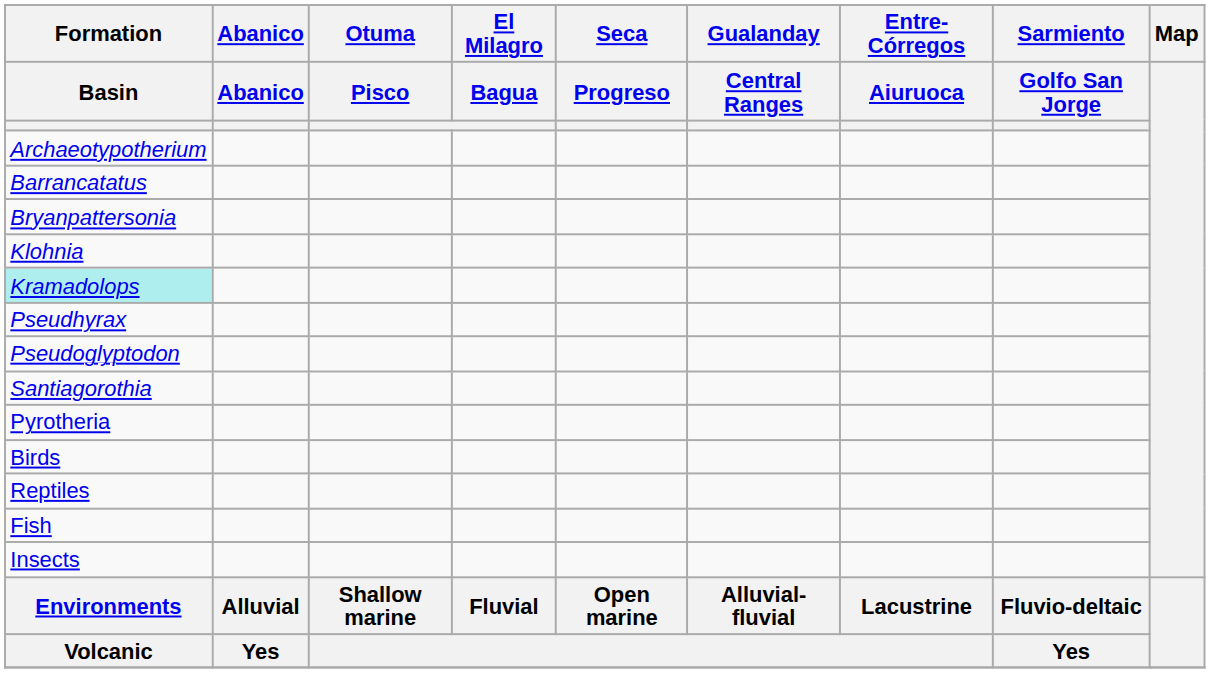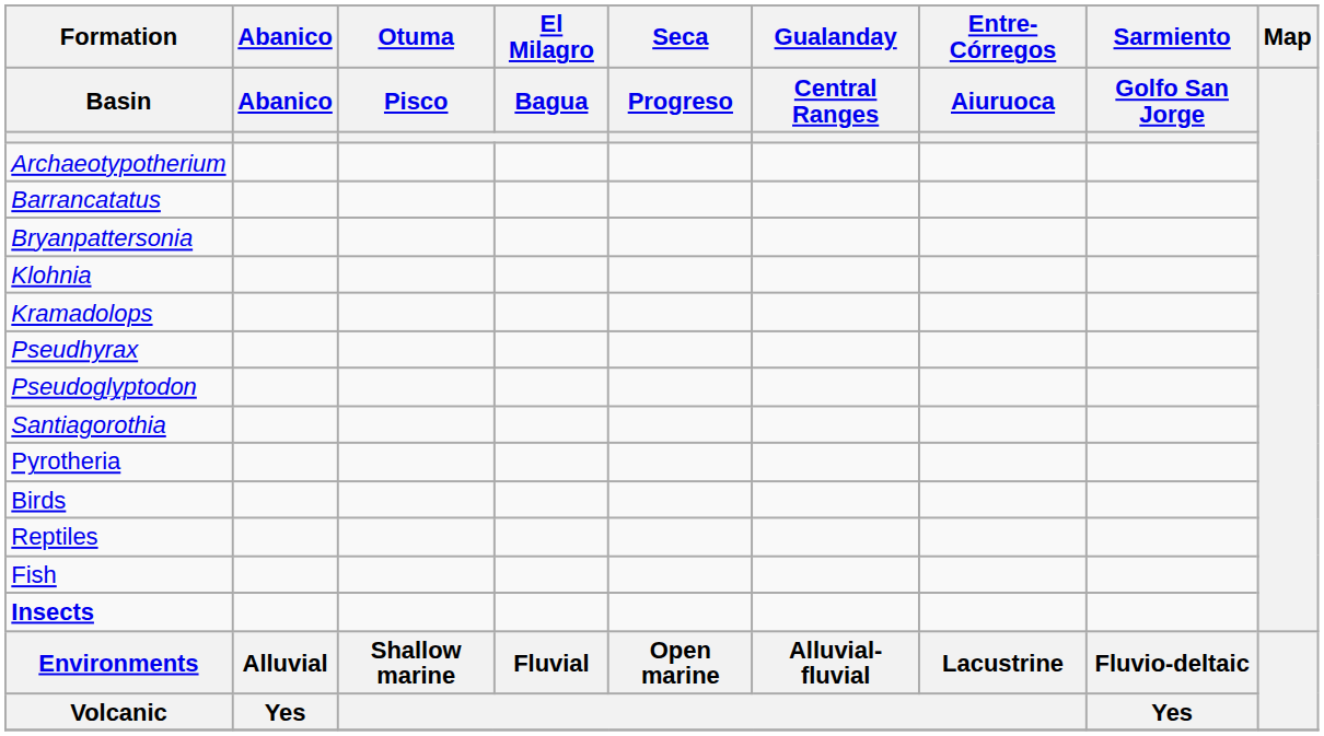 <table class="wikitable" style="font-size: 70%">
 <tr>
 <th>Formation</th>
 <th><a href='#'>Abanico</a></th>
 <th><a href='#'>Otuma</a></th>
 <th><a href='#'>El Milagro</a></th>
 <th><a href='#'>Seca</a></th>
 <th><a href='#'>Gualanday</a></th>
 <th><a href='#'>Entre-Córregos</a></th>
 <th><a href='#'>Sarmiento</a></th>
 <th>Map</th>
 </tr>
 <tr>
 <th>Basin</th>
 <th><a href='#'>Abanico</a></th>
 <th><a href='#'>Pisco</a></th>
 <th><a href='#'>Bagua</a></th>
 <th><a href='#'>Progreso</a></th>
 <th><a href='#'>Central Ranges</a></th>
 <th><a href='#'>Aiuruoca</a></th>
 <th><a href='#'>Golfo San Jorge</a></th>
 <th align=center rowspan=15></th>
 </tr>
 <tr>
 <th></th>
 <th></th>
 <th colspan=2></th>
 <th></th>
 <th></th>
 <th></th>
 <th></th>
 </tr>
 <tr>
 <td><em><a href='#'>Archaeotypotherium</a></em></td>
 <td align=center></td>
 <td align=center></td>
 <td align=center></td>
 <td align=center></td>
 <td align=center></td>
 <td align=center></td>
 <td align=center></td>
 </tr>
 <tr>
 <td><em><a href='#'>Barrancatatus</a></em></td>
 <td align=center></td>
 <td align=center></td>
 <td align=center></td>
 <td align=center></td>
 <td align=center></td>
 <td align=center></td>
 <td align=center></td>
 </tr>
 <tr>
 <td><em><a href='#'>Bryanpattersonia</a></em></td>
 <td align=center></td>
 <td align=center></td>
 <td align=center></td>
 <td align=center></td>
 <td align=center></td>
 <td align=center></td>
 <td align=center></td>
 </tr>
 <tr>
 <td><em><a href='#'>Klohnia</a></em></td>
 <td align=center></td>
 <td align=center></td>
 <td align=center></td>
 <td align=center></td>
 <td align=center></td>
 <td align=center></td>
 <td align=center></td>
 </tr>
 <tr>
-<td style="background: paleturquoise;"><em><a href='#'>Kramadolops</a></em></td>
+<td><em><a href='#'>Kramadolops</a></em></td>
 <td align=center></td>
 <td align=center></td>
 <td align=center></td>
 <td align=center></td>
 <td align=center></td>
 <td align=center></td>
 <td align=center></td>
 </tr>
 <tr>
 <td><em><a href='#'>Pseudhyrax</a></em></td>
 <td align=center></td>
 <td align=center></td>
 <td align=center></td>
 <td align=center></td>
 <td align=center></td>
 <td align=center></td>
 <td align=center></td>
 </tr>
 <tr>
 <td><em><a href='#'>Pseudoglyptodon</a></em></td>
 <td align=center></td>
 <td align=center></td>
 <td align=center></td>
 <td align=center></td>
 <td align=center></td>
 <td align=center></td>
 <td align=center></td>
 </tr>
 <tr>
 <td><em><a href='#'>Santiagorothia</a></em></td>
 <td align=center></td>
 <td align=center></td>
 <td align=center></td>
 <td align=center></td>
 <td align=center></td>
 <td align=center></td>
 <td align=center></td>
 </tr>
 <tr>
 <td><a href='#'>Pyrotheria</a></td>
 <td align=center></td>
 <td align=center></td>
 <td align=center></td>
 <td align=center></td>
 <td align=center></td>
 <td align=center></td>
 <td align=center></td>
 </tr>
 <tr>
 <td><a href='#'>Birds</a></td>
 <td align=center></td>
 <td align=center></td>
 <td align=center></td>
 <td align=center></td>
 <td align=center></td>
 <td align=center></td>
 <td align=center></td>
 </tr>
 <tr>
 <td><a href='#'>Reptiles</a></td>
 <td align=center></td>
 <td align=center></td>
 <td align=center></td>
 <td align=center></td>
 <td align=center></td>
 <td align=center></td>
 <td align=center></td>
 </tr>
 <tr>
 <td><a href='#'>Fish</a></td>
 <td align=center></td>
 <td align=center></td>
 <td align=center></td>
 <td align=center></td>
 <td align=center></td>
 <td align=center></td>
 <td align=center></td>
 </tr>
 <tr>
-<td><a href='#'>Insects</a></td>
+<td><strong><a href='#'>Insects</a></strong></td>
 <td align=center></td>
 <td align=center></td>
 <td align=center></td>
 <td align=center></td>
 <td align=center></td>
 <td align=center></td>
 <td align=center></td>
 </tr>
 <tr>
 <th><a href='#'>Environments</a></th>
 <th>Alluvial</th>
 <th>Shallow marine</th>
 <th>Fluvial</th>
 <th>Open marine</th>
 <th>Alluvial-fluvial</th>
 <th>Lacustrine</th>
 <th>Fluvio-deltaic</th>
 <th rowspan=2 align=left><br><br></th>
 </tr>
 <tr>
 <th>Volcanic</th>
 <th>Yes</th>
 <th colspan=5></th>
 <th>Yes</th>
 </tr>
 <tr>
 </tr>
 </table>
